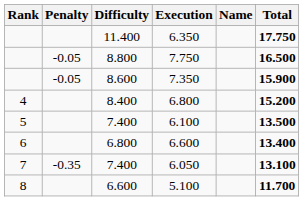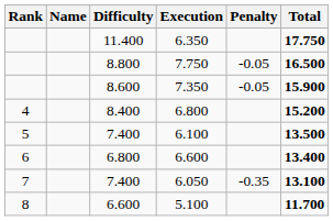 <table class="wikitable sortable" style="text-align:center">
 <tr>
 <th>Rank</th>
-<th>Penalty</th>
+<th>Name</th>
 <th>Difficulty</th>
 <th>Execution</th>
-<th>Name</th>
+<th>Penalty</th>
 <th>Total</th>
 </tr>
 <tr>
 <td></td>
-<td></td>
+<td align="left"></td>
 <td>11.400</td>
 <td>6.350</td>
-<td align="left"></td>
+<td></td>
 <td><strong>17.750</strong></td>
 </tr>
 <tr>
 <td></td>
-<td>-0.05</td>
+<td align="left"></td>
 <td>8.800</td>
 <td>7.750</td>
-<td align="left"></td>
+<td>-0.05</td>
 <td><strong>16.500</strong></td>
 </tr>
 <tr>
 <td></td>
-<td>-0.05</td>
+<td align="left"></td>
 <td>8.600</td>
 <td>7.350</td>
-<td align="left"></td>
+<td>-0.05</td>
 <td><strong>15.900</strong></td>
 </tr>
 <tr>
 <td>4</td>
-<td></td>
+<td align="left"></td>
 <td>8.400</td>
 <td>6.800</td>
-<td align="left"></td>
+<td></td>
 <td><strong>15.200</strong></td>
 </tr>
 <tr>
 <td>5</td>
-<td></td>
+<td align="left"></td>
 <td>7.400</td>
 <td>6.100</td>
-<td align="left"></td>
+<td></td>
 <td><strong>13.500</strong></td>
 </tr>
 <tr>
 <td>6</td>
-<td></td>
+<td align="left"></td>
 <td>6.800</td>
 <td>6.600</td>
-<td align="left"></td>
+<td></td>
 <td><strong>13.400</strong></td>
 </tr>
 <tr>
 <td>7</td>
-<td>-0.35</td>
+<td align="left"></td>
 <td>7.400</td>
 <td>6.050</td>
-<td align="left"></td>
+<td>-0.35</td>
 <td><strong>13.100</strong></td>
 </tr>
 <tr>
 <td>8</td>
-<td></td>
+<td align="left"></td>
 <td>6.600</td>
 <td>5.100</td>
-<td align="left"></td>
+<td></td>
 <td><strong>11.700</strong></td>
 </tr>
 </table>
